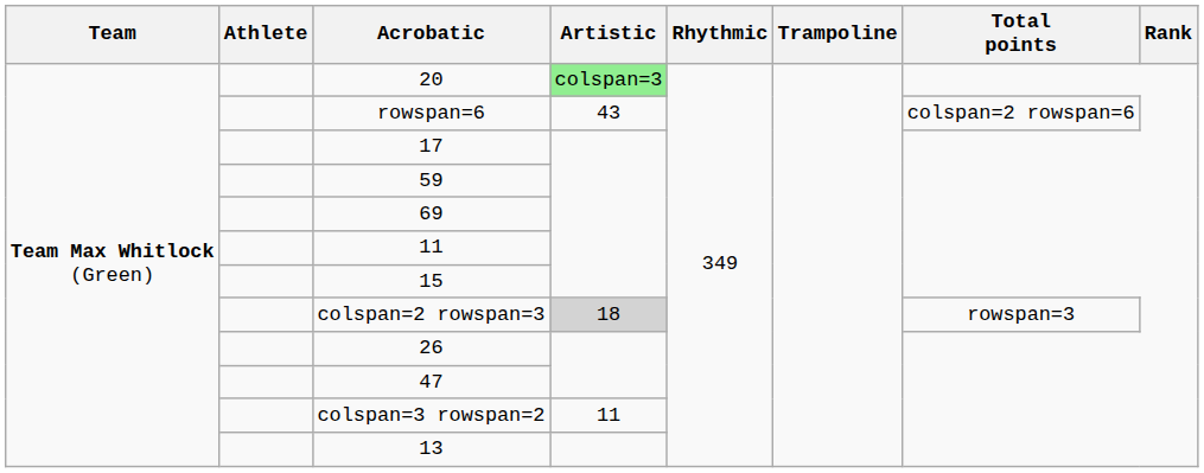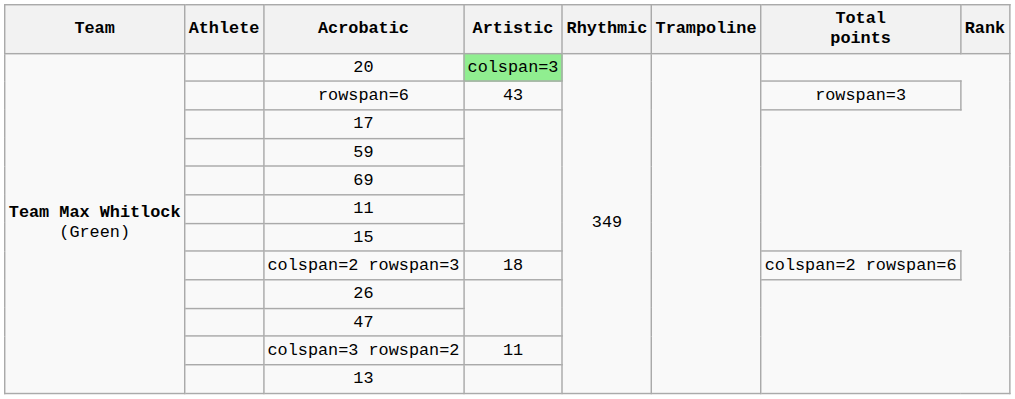 <table class="wikitable" style="text-align:center;font-size:90%">
 <tr>
 <th>Team</th>
 <th>Athlete</th>
 <th>Acrobatic</th>
 <th>Artistic</th>
 <th>Rhythmic</th>
 <th>Trampoline</th>
 <th>Total<br>points</th>
 <th>Rank</th>
 </tr>
 <tr>
 <td rowspan=12><strong>Team Max Whitlock</strong><br>(Green)</td>
 <td align=left><br></td>
 <td>20</td>
 <td style="background: lightgreen;">colspan=3 </td>
 <td rowspan=12>349</td>
 <td rowspan=12></td>
 </tr>
 <tr>
 <td align=left></td>
 <td>rowspan=6 </td>
 <td>43</td>
-<td>colspan=2 rowspan=6 </td>
+<td>rowspan=3 </td>
 </tr>
 <tr>
 <td align=left></td>
 <td>17</td>
 </tr>
 <tr>
 <td align=left></td>
 <td>59</td>
 </tr>
 <tr>
 <td align=left></td>
 <td>69</td>
 </tr>
 <tr>
 <td align=left></td>
 <td>11</td>
 </tr>
 <tr>
 <td align=left></td>
 <td>15</td>
 </tr>
 <tr>
 <td align=left></td>
 <td>colspan=2 rowspan=3 </td>
-<td style="background: lightgrey;">18</td>
-<td>rowspan=3 </td>
+<td>18</td>
+<td>colspan=2 rowspan=6 </td>
 </tr>
 <tr>
 <td align=left></td>
 <td>26</td>
 </tr>
 <tr>
 <td align=left></td>
 <td>47</td>
 </tr>
 <tr>
 <td align=left></td>
 <td>colspan=3 rowspan=2 </td>
 <td>11</td>
 </tr>
 <tr>
 <td align=left></td>
 <td>13</td>
 </tr>
 </table>
